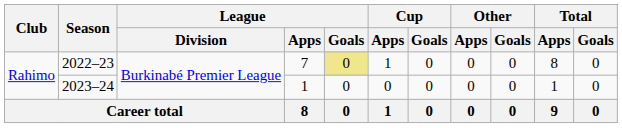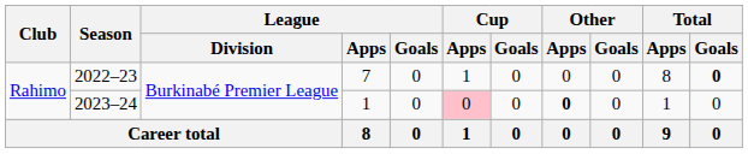 <table class="wikitable" style="text-align: center">
 <tr>
 <th rowspan="2">Club</th>
 <th rowspan="2">Season</th>
 <th colspan="3">League</th>
 <th colspan="2">Cup</th>
 <th colspan="2">Other</th>
 <th colspan="2">Total</th>
 </tr>
 <tr>
 <th>Division</th>
 <th>Apps</th>
 <th>Goals</th>
 <th>Apps</th>
 <th>Goals</th>
 <th>Apps</th>
 <th>Goals</th>
 <th>Apps</th>
 <th>Goals</th>
 </tr>
 <tr>
 <td rowspan="2"><a href='#'>Rahimo</a></td>
 <td>2022–23</td>
 <td rowspan="2"><a href='#'>Burkinabé Premier League</a></td>
 <td>7</td>
-<td style="background: khaki;">0</td>
+<td>0</td>
 <td>1</td>
 <td>0</td>
 <td>0</td>
 <td>0</td>
 <td>8</td>
-<td>0</td>
+<td><strong>0</strong></td>
 </tr>
 <tr>
 <td>2023–24</td>
 <td>1</td>
 <td>0</td>
+<td style="background: pink;">0</td>
 <td>0</td>
-<td>0</td>
-<td>0</td>
+<td><strong>0</strong></td>
 <td>0</td>
 <td>1</td>
 <td>0</td>
 </tr>
 <tr>
 <th colspan="3">Career total</th>
 <th>8</th>
 <th>0</th>
 <th>1</th>
 <th>0</th>
 <th>0</th>
 <th>0</th>
 <th>9</th>
 <th>0</th>
 </tr>
 </table>
